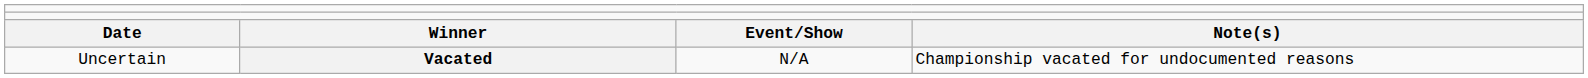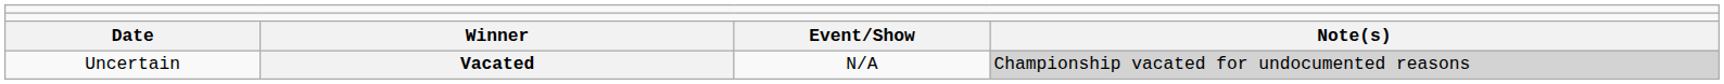 <table class="wikitable" style="text-align:center; width:100%;">
 <tr>
 <td colspan=5></td>
 </tr>
 <tr>
 <td colspan=5><strong></strong></td>
 </tr>
 <tr>
 <th width=14%>Date</th>
 <th width=26%>Winner</th>
 <th width=14%>Event/Show</th>
 <th width=40%>Note(s)</th>
 </tr>
 <tr>
 <td>Uncertain</td>
 <th>Vacated</th>
 <td>N/A</td>
-<td align=left>Championship vacated for undocumented reasons</td>
+<td align=left style="background: lightgrey;">Championship vacated for undocumented reasons</td>
 </tr>
 </table>
